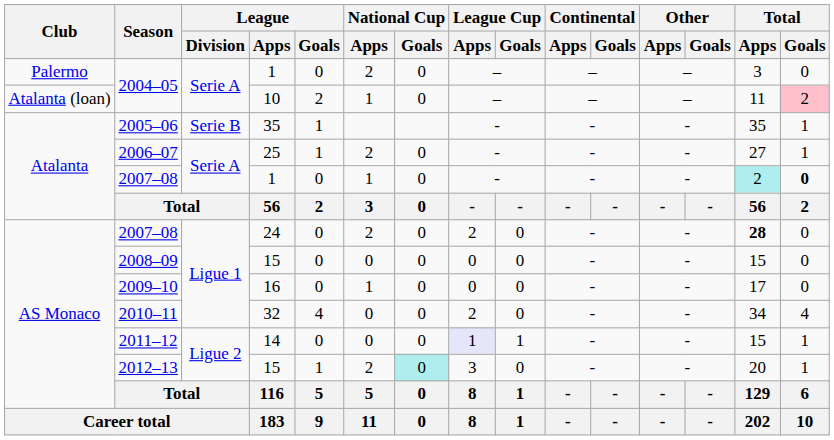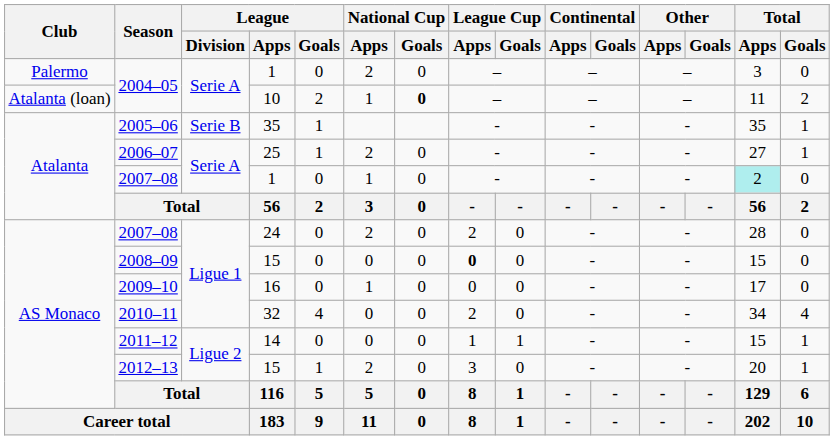 <table class="wikitable" style="text-align: center;">
 <tr>
 <th rowspan="2">Club</th>
 <th rowspan="2">Season</th>
 <th colspan="3">League</th>
 <th colspan="2">National Cup</th>
 <th colspan="2">League Cup</th>
 <th colspan="2">Continental</th>
 <th colspan="2">Other</th>
 <th colspan="2">Total</th>
 </tr>
 <tr>
 <th>Division</th>
 <th>Apps</th>
 <th>Goals</th>
 <th>Apps</th>
 <th>Goals</th>
 <th>Apps</th>
 <th>Goals</th>
 <th>Apps</th>
 <th>Goals</th>
 <th>Apps</th>
 <th>Goals</th>
 <th>Apps</th>
 <th>Goals</th>
 </tr>
 <tr>
 <td valign="center"><a href='#'>Palermo</a></td>
 <td rowspan="2" valign="center"><a href='#'>2004–05</a></td>
 <td rowspan="2" valign="center"><a href='#'>Serie A</a></td>
 <td>1</td>
 <td>0</td>
 <td>2</td>
 <td>0</td>
 <td colspan="2">–</td>
 <td colspan="2">–</td>
 <td colspan="2">–</td>
 <td>3</td>
 <td>0</td>
 </tr>
 <tr>
 <td valign="center"><a href='#'>Atalanta</a> (loan)</td>
 <td>10</td>
 <td>2</td>
 <td>1</td>
-<td>0</td>
+<td><strong>0</strong></td>
 <td colspan="2">–</td>
 <td colspan="2">–</td>
 <td colspan="2">–</td>
 <td>11</td>
-<td style="background: pink;">2</td>
+<td>2</td>
 </tr>
 <tr>
 <td rowspan="4" valign="center"><a href='#'>Atalanta</a></td>
 <td><a href='#'>2005–06</a></td>
 <td rowspan="1" valign="center"><a href='#'>Serie B</a></td>
 <td>35</td>
 <td>1</td>
 <td></td>
 <td></td>
 <td colspan="2">-</td>
 <td colspan="2">-</td>
 <td colspan="2">-</td>
 <td>35</td>
 <td>1</td>
 </tr>
 <tr>
 <td><a href='#'>2006–07</a></td>
 <td rowspan="2" valign="center"><a href='#'>Serie A</a></td>
 <td>25</td>
 <td>1</td>
 <td>2</td>
 <td>0</td>
 <td colspan="2">-</td>
 <td colspan="2">-</td>
 <td colspan="2">-</td>
 <td>27</td>
 <td>1</td>
 </tr>
 <tr>
 <td><a href='#'>2007–08</a></td>
 <td>1</td>
 <td>0</td>
 <td>1</td>
 <td>0</td>
 <td colspan="2">-</td>
 <td colspan="2">-</td>
 <td colspan="2">-</td>
 <td style="background: paleturquoise;">2</td>
-<td><strong>0</strong></td>
+<td>0</td>
 </tr>
 <tr>
 <th colspan="2">Total</th>
 <th>56</th>
 <th>2</th>
 <th>3</th>
 <th>0</th>
 <th>-</th>
 <th>-</th>
 <th>-</th>
 <th>-</th>
 <th>-</th>
 <th>-</th>
 <th>56</th>
 <th>2</th>
 </tr>
 <tr>
 <td rowspan="7" valign="center"><a href='#'>AS Monaco</a></td>
 <td><a href='#'>2007–08</a></td>
 <td rowspan="4" valign="center"><a href='#'>Ligue 1</a></td>
 <td>24</td>
 <td>0</td>
 <td>2</td>
 <td>0</td>
 <td>2</td>
 <td>0</td>
 <td colspan="2">-</td>
 <td colspan="2">-</td>
-<td><strong>28</strong></td>
+<td>28</td>
 <td>0</td>
 </tr>
 <tr>
 <td><a href='#'>2008–09</a></td>
 <td>15</td>
 <td>0</td>
 <td>0</td>
 <td>0</td>
-<td>0</td>
+<td><strong>0</strong></td>
 <td>0</td>
 <td colspan="2">-</td>
 <td colspan="2">-</td>
 <td>15</td>
 <td>0</td>
 </tr>
 <tr>
 <td><a href='#'>2009–10</a></td>
 <td>16</td>
 <td>0</td>
 <td>1</td>
 <td>0</td>
 <td>0</td>
 <td>0</td>
 <td colspan="2">-</td>
 <td colspan="2">-</td>
 <td>17</td>
 <td>0</td>
 </tr>
 <tr>
 <td><a href='#'>2010–11</a></td>
 <td>32</td>
 <td>4</td>
 <td>0</td>
 <td>0</td>
 <td>2</td>
 <td>0</td>
 <td colspan="2">-</td>
 <td colspan="2">-</td>
 <td>34</td>
 <td>4</td>
 </tr>
 <tr>
 <td><a href='#'>2011–12</a></td>
 <td rowspan="2" valign="center"><a href='#'>Ligue 2</a></td>
 <td>14</td>
 <td>0</td>
 <td>0</td>
 <td>0</td>
-<td style="background: lavender;">1</td>
+<td>1</td>
 <td>1</td>
 <td colspan="2">-</td>
 <td colspan="2">-</td>
 <td>15</td>
 <td>1</td>
 </tr>
 <tr>
 <td><a href='#'>2012–13</a></td>
 <td>15</td>
 <td>1</td>
 <td>2</td>
-<td style="background: paleturquoise;">0</td>
+<td>0</td>
 <td>3</td>
 <td>0</td>
 <td colspan="2">-</td>
 <td colspan="2">-</td>
 <td>20</td>
 <td>1</td>
 </tr>
 <tr>
 <th colspan="2">Total</th>
 <th>116</th>
 <th>5</th>
 <th>5</th>
 <th>0</th>
 <th>8</th>
 <th>1</th>
 <th>-</th>
 <th>-</th>
 <th>-</th>
 <th>-</th>
 <th>129</th>
 <th>6</th>
 </tr>
 <tr>
 <th colspan="3">Career total</th>
 <th>183</th>
 <th>9</th>
 <th>11</th>
 <th>0</th>
 <th>8</th>
 <th>1</th>
 <th>-</th>
 <th>-</th>
 <th>-</th>
 <th>-</th>
 <th>202</th>
 <th>10</th>
 </tr>
 </table>
